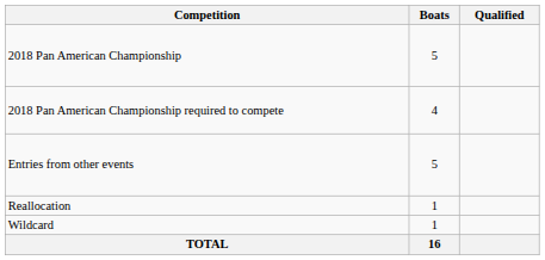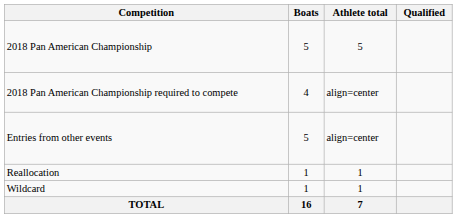 <table class="wikitable" width=690>
 <tr>
 <th>Competition</th>
 <th>Boats</th>
+<th>Athlete total</th>
 <th>Qualified</th>
 </tr>
 <tr>
 <td>2018 Pan American Championship</td>
+<td align=center>5</td>
 <td align=center>5</td>
 <td><br><br><br><br></td>
 </tr>
 <tr>
 <td>2018 Pan American Championship required to compete</td>
 <td align=center>4</td>
+<td>align=center </td>
 <td><br><br><br></td>
 </tr>
 <tr>
 <td>Entries from other events</td>
 <td align=center>5</td>
+<td>align=center </td>
 <td><br><br><br><br></td>
 </tr>
 <tr>
 <td>Reallocation</td>
+<td align=center>1</td>
 <td align=center>1</td>
 <td></td>
 </tr>
 <tr>
 <td>Wildcard</td>
 <td align=center>1</td>
+<td align=center>1</td>
 <td></td>
 </tr>
 <tr>
 <th>TOTAL</th>
 <th>16</th>
+<th>7</th>
 <th></th>
 </tr>
 </table>
